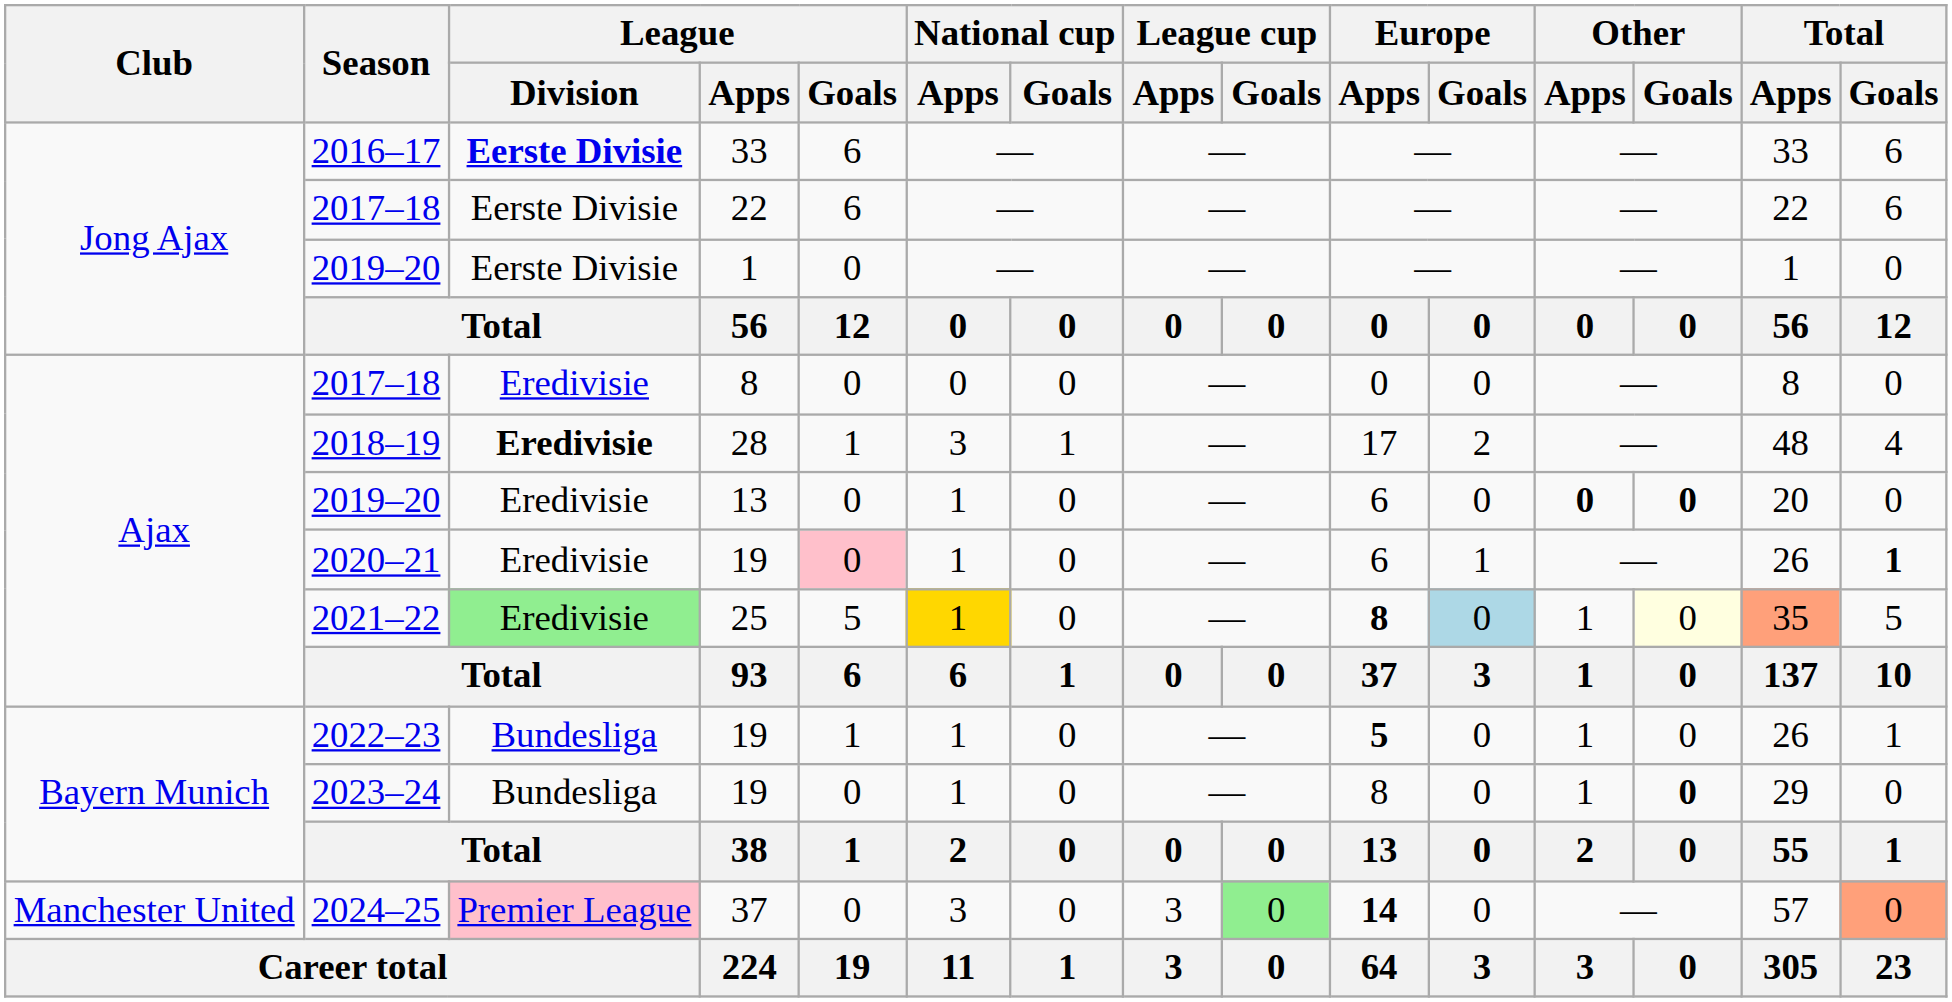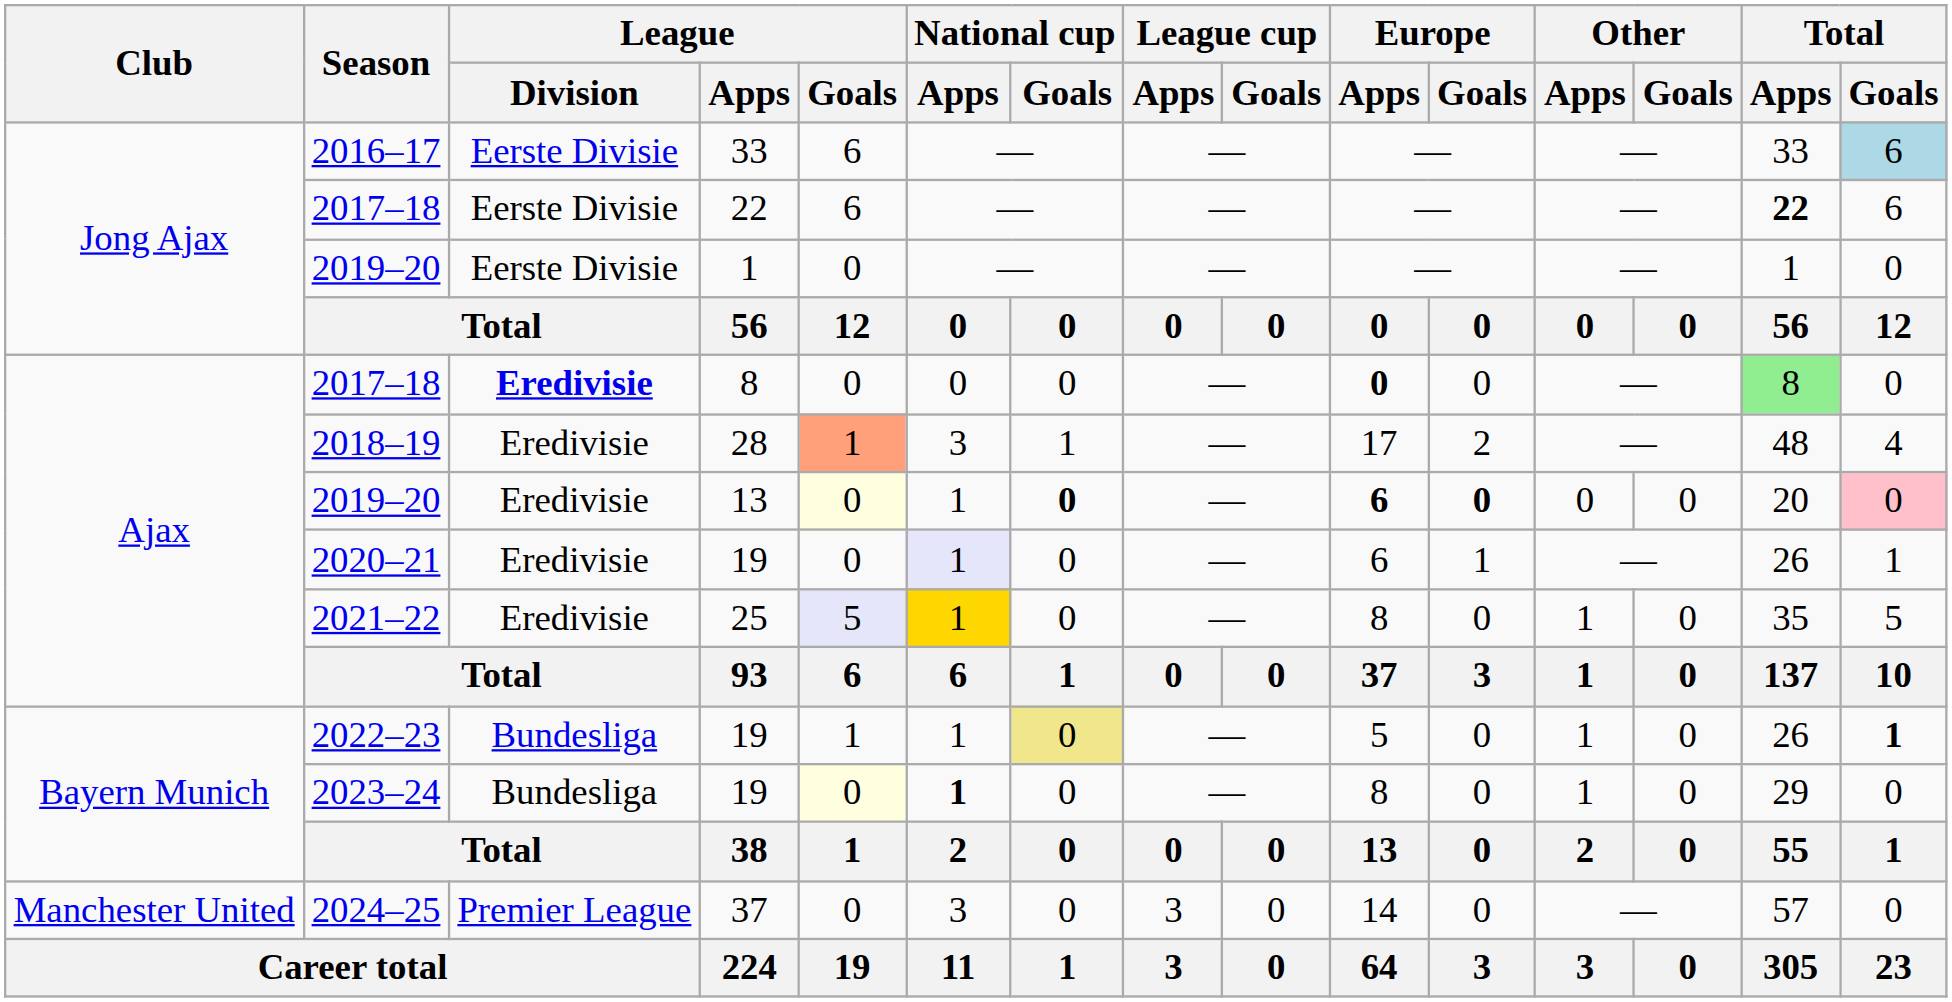 <table class="wikitable" style="text-align: center">
 <tr>
 <th rowspan="2">Club</th>
 <th rowspan="2">Season</th>
 <th colspan="3">League</th>
 <th colspan="2">National cup</th>
 <th colspan="2">League cup</th>
 <th colspan="2">Europe</th>
 <th colspan="2">Other</th>
 <th colspan="2">Total</th>
 </tr>
 <tr>
 <th>Division</th>
 <th>Apps</th>
 <th>Goals</th>
 <th>Apps</th>
 <th>Goals</th>
 <th>Apps</th>
 <th>Goals</th>
 <th>Apps</th>
 <th>Goals</th>
 <th>Apps</th>
 <th>Goals</th>
 <th>Apps</th>
 <th>Goals</th>
 </tr>
 <tr>
 <td rowspan="4"><a href='#'>Jong Ajax</a></td>
 <td><a href='#'>2016–17</a></td>
-<td><strong><a href='#'>Eerste Divisie</a></strong></td>
+<td><a href='#'>Eerste Divisie</a></td>
 <td>33</td>
 <td>6</td>
 <td colspan="2">—</td>
 <td colspan="2">—</td>
 <td colspan="2">—</td>
 <td colspan="2">—</td>
 <td>33</td>
-<td>6</td>
+<td style="background: lightblue;">6</td>
 </tr>
 <tr>
 <td><a href='#'>2017–18</a></td>
 <td>Eerste Divisie</td>
 <td>22</td>
 <td>6</td>
 <td colspan="2">—</td>
 <td colspan="2">—</td>
 <td colspan="2">—</td>
 <td colspan="2">—</td>
-<td>22</td>
+<td><strong>22</strong></td>
 <td>6</td>
 </tr>
 <tr>
 <td><a href='#'>2019–20</a></td>
 <td>Eerste Divisie</td>
 <td>1</td>
 <td>0</td>
 <td colspan="2">—</td>
 <td colspan="2">—</td>
 <td colspan="2">—</td>
 <td colspan="2">—</td>
 <td>1</td>
 <td>0</td>
 </tr>
 <tr>
 <th colspan="2">Total</th>
 <th>56</th>
 <th>12</th>
 <th>0</th>
 <th>0</th>
 <th>0</th>
 <th>0</th>
 <th>0</th>
 <th>0</th>
 <th>0</th>
 <th>0</th>
 <th>56</th>
 <th>12</th>
 </tr>
 <tr>
 <td rowspan="6"><a href='#'>Ajax</a></td>
 <td><a href='#'>2017–18</a></td>
-<td><a href='#'>Eredivisie</a></td>
+<td><strong><a href='#'>Eredivisie</a></strong></td>
 <td>8</td>
 <td>0</td>
 <td>0</td>
 <td>0</td>
 <td colspan="2">—</td>
-<td>0</td>
+<td><strong>0</strong></td>
 <td>0</td>
 <td colspan="2">—</td>
-<td>8</td>
+<td style="background: lightgreen;">8</td>
 <td>0</td>
 </tr>
 <tr>
 <td><a href='#'>2018–19</a></td>
-<td><strong>Eredivisie</strong></td>
+<td>Eredivisie</td>
 <td>28</td>
-<td>1</td>
+<td style="background: lightsalmon;">1</td>
 <td>3</td>
 <td>1</td>
 <td colspan="2">—</td>
 <td>17</td>
 <td>2</td>
 <td colspan="2">—</td>
 <td>48</td>
 <td>4</td>
 </tr>
 <tr>
 <td><a href='#'>2019–20</a></td>
 <td>Eredivisie</td>
 <td>13</td>
+<td style="background: lightyellow;">0</td>
+<td>1</td>
+<td><strong>0</strong></td>
+<td colspan="2">—</td>
+<td><strong>6</strong></td>
+<td><strong>0</strong></td>
 <td>0</td>
-<td>1</td>
 <td>0</td>
-<td colspan="2">—</td>
-<td>6</td>
-<td>0</td>
-<td><strong>0</strong></td>
-<td><strong>0</strong></td>
 <td>20</td>
-<td>0</td>
+<td style="background: pink;">0</td>
 </tr>
 <tr>
 <td><a href='#'>2020–21</a></td>
 <td>Eredivisie</td>
 <td>19</td>
-<td style="background: pink;">0</td>
-<td>1</td>
+<td>0</td>
+<td style="background: lavender;">1</td>
 <td>0</td>
 <td colspan="2">—</td>
 <td>6</td>
 <td>1</td>
 <td colspan="2">—</td>
 <td>26</td>
-<td><strong>1</strong></td>
+<td>1</td>
 </tr>
 <tr>
 <td><a href='#'>2021–22</a></td>
-<td style="background: lightgreen;">Eredivisie</td>
+<td>Eredivisie</td>
 <td>25</td>
-<td>5</td>
+<td style="background: lavender;">5</td>
 <td style="background: gold;">1</td>
 <td>0</td>
 <td colspan="2">—</td>
-<td><strong>8</strong></td>
-<td style="background: lightblue;">0</td>
+<td>8</td>
+<td>0</td>
 <td>1</td>
-<td style="background: lightyellow;">0</td>
-<td style="background: lightsalmon;">35</td>
+<td>0</td>
+<td>35</td>
 <td>5</td>
 </tr>
 <tr>
 <th colspan="2">Total</th>
 <th>93</th>
 <th>6</th>
 <th>6</th>
 <th>1</th>
 <th>0</th>
 <th>0</th>
 <th>37</th>
 <th>3</th>
 <th>1</th>
 <th>0</th>
 <th>137</th>
 <th>10</th>
 </tr>
 <tr>
 <td rowspan="3"><a href='#'>Bayern Munich</a></td>
 <td><a href='#'>2022–23</a></td>
 <td><a href='#'>Bundesliga</a></td>
 <td>19</td>
 <td>1</td>
 <td>1</td>
-<td>0</td>
+<td style="background: khaki;">0</td>
 <td colspan="2">—</td>
-<td><strong>5</strong></td>
+<td>5</td>
 <td>0</td>
 <td>1</td>
 <td>0</td>
 <td>26</td>
-<td>1</td>
+<td><strong>1</strong></td>
 </tr>
 <tr>
 <td><a href='#'>2023–24</a></td>
 <td>Bundesliga</td>
 <td>19</td>
-<td>0</td>
-<td>1</td>
+<td style="background: lightyellow;">0</td>
+<td><strong>1</strong></td>
 <td>0</td>
 <td colspan="2">—</td>
 <td>8</td>
 <td>0</td>
 <td>1</td>
-<td><strong>0</strong></td>
+<td>0</td>
 <td>29</td>
 <td>0</td>
 </tr>
 <tr>
 <th colspan="2">Total</th>
 <th>38</th>
 <th>1</th>
 <th>2</th>
 <th>0</th>
 <th>0</th>
 <th>0</th>
 <th>13</th>
 <th>0</th>
 <th>2</th>
 <th>0</th>
 <th>55</th>
 <th>1</th>
 </tr>
 <tr>
 <td><a href='#'>Manchester United</a></td>
 <td><a href='#'>2024–25</a></td>
-<td style="background: pink;"><a href='#'>Premier League</a></td>
+<td><a href='#'>Premier League</a></td>
 <td>37</td>
 <td>0</td>
 <td>3</td>
 <td>0</td>
 <td>3</td>
-<td style="background: lightgreen;">0</td>
-<td><strong>14</strong></td>
+<td>0</td>
+<td>14</td>
 <td>0</td>
 <td colspan="2">—</td>
 <td>57</td>
-<td style="background: lightsalmon;">0</td>
+<td>0</td>
 </tr>
 <tr>
 <th colspan="3">Career total</th>
 <th>224</th>
 <th>19</th>
 <th>11</th>
 <th>1</th>
 <th>3</th>
 <th>0</th>
 <th>64</th>
 <th>3</th>
 <th>3</th>
 <th>0</th>
 <th>305</th>
 <th>23</th>
 </tr>
 </table>
